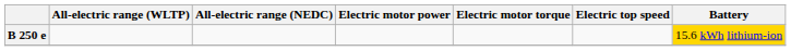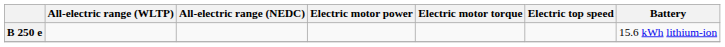 <table class="wikitable" style="font-size:85%;text-align:center;">
 <tr>
 <th></th>
 <th>All-electric range (WLTP)</th>
 <th>All-electric range (NEDC)</th>
 <th>Electric motor power</th>
 <th>Electric motor torque</th>
 <th>Electric top speed</th>
 <th>Battery</th>
 </tr>
 <tr>
 <th>B 250 e</th>
 <td></td>
 <td></td>
 <td></td>
 <td></td>
 <td></td>
-<td style="background: gold;">15.6 <a href='#'>kWh</a> <a href='#'>lithium-ion</a></td>
+<td>15.6 <a href='#'>kWh</a> <a href='#'>lithium-ion</a></td>
 </tr>
 <tr>
 </tr>
 </table>
